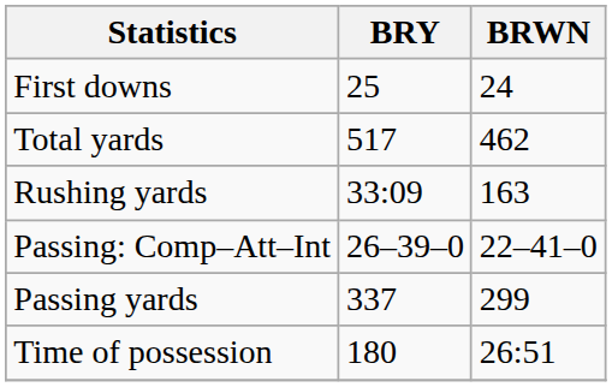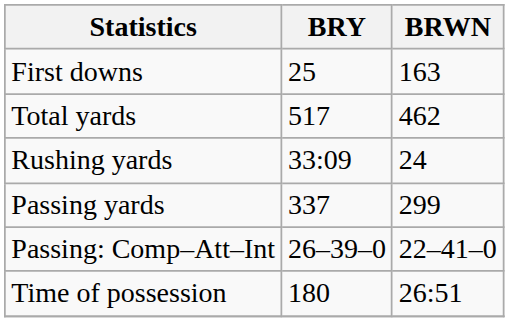 <table class="wikitable" style="float: left;">
 <tr>
 <th>Statistics</th>
 <th>BRY</th>
 <th>BRWN</th>
 </tr>
 <tr>
 <td>First downs</td>
 <td>25</td>
-<td>24</td>
+<td>163</td>
 </tr>
 <tr>
 <td>Total yards</td>
 <td>517</td>
 <td>462</td>
 </tr>
 <tr>
 <td>Rushing yards</td>
 <td>33:09</td>
-<td>163</td>
+<td>24</td>
+</tr>
+<tr>
+<td>Passing yards</td>
+<td>337</td>
+<td>299</td>
 </tr>
 <tr>
 <td>Passing: Comp–Att–Int</td>
 <td>26–39–0</td>
 <td>22–41–0</td>
-</tr>
-<tr>
-<td>Passing yards</td>
-<td>337</td>
-<td>299</td>
 </tr>
 <tr>
 <td>Time of possession</td>
 <td>180</td>
 <td>26:51</td>
 </tr>
 <tr>
 </tr>
 </table>
